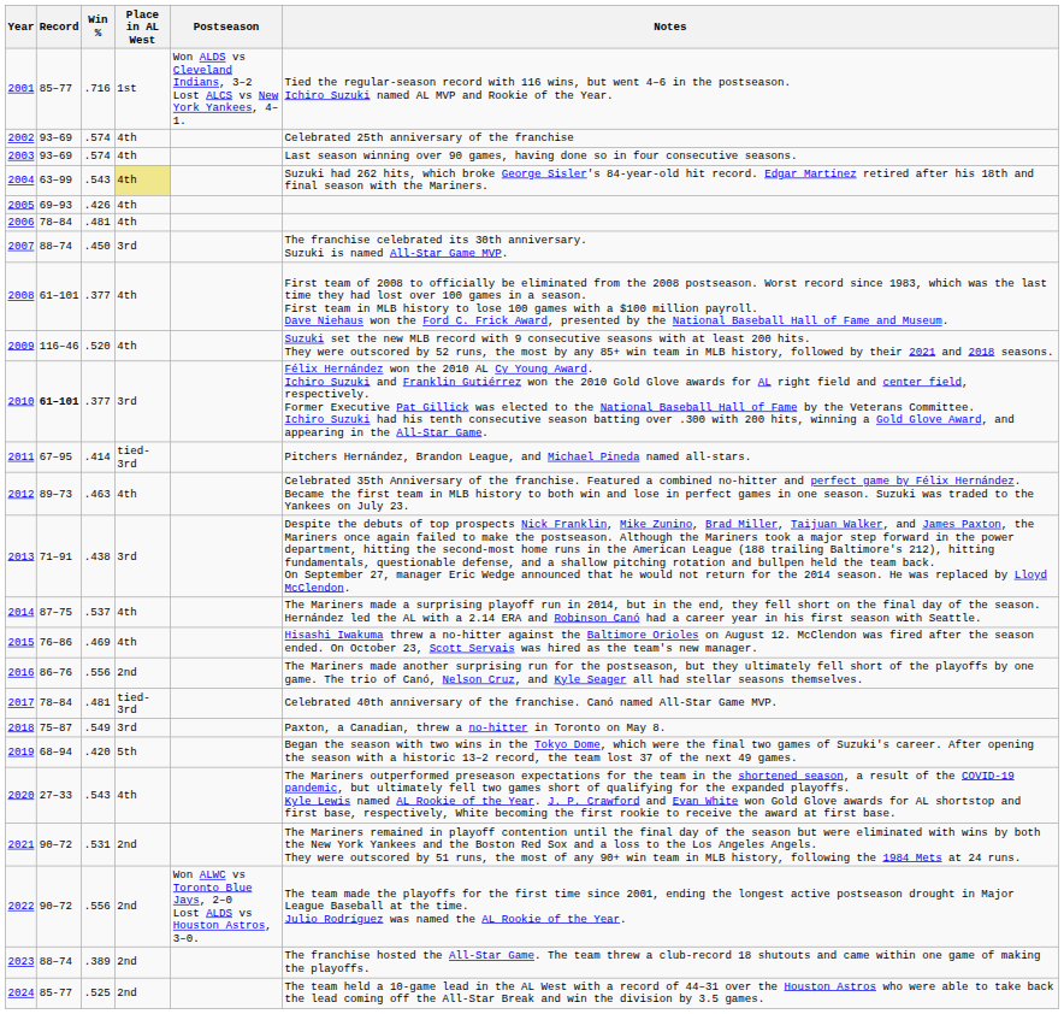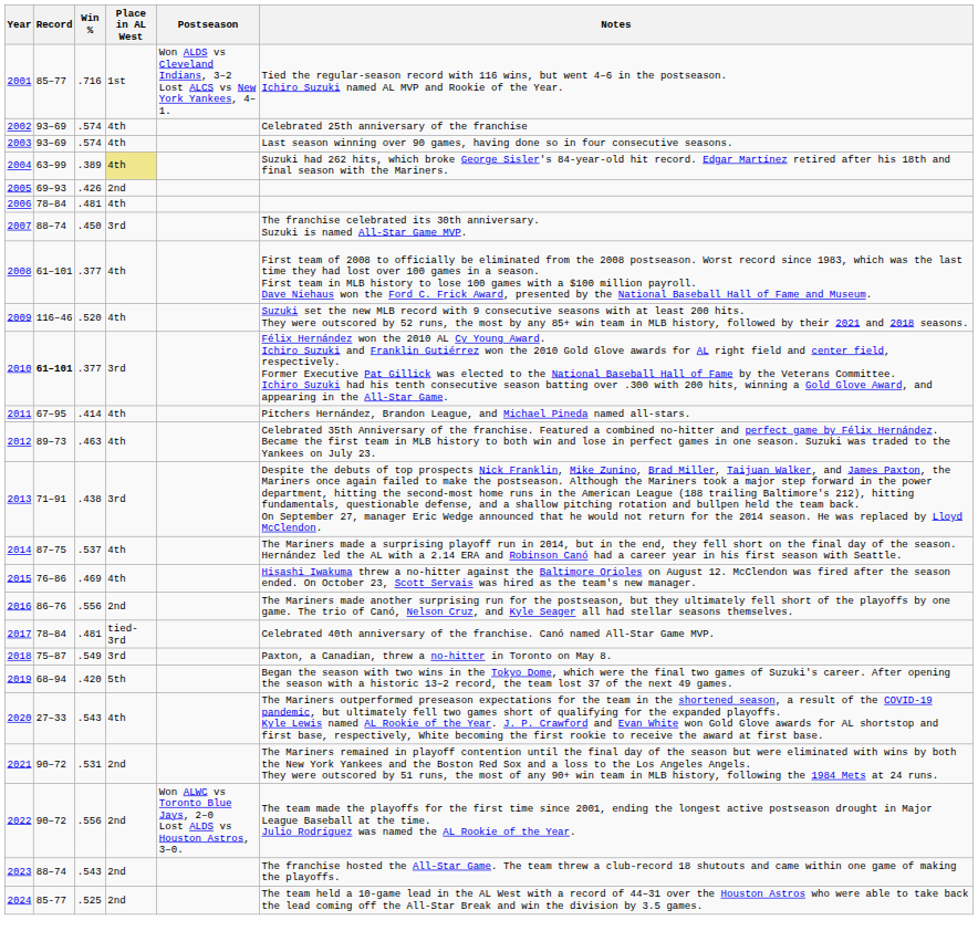 <table class="wikitable">
 <tr>
 <th style="text-align:center; ">Year</th>
 <th style="text-align:center; ">Record</th>
 <th style="text-align:center; ">Win %</th>
 <th style="text-align:center; ">Place in AL West</th>
 <th style="text-align:center; ">Postseason</th>
 <th style="text-align:center; ">Notes</th>
 </tr>
 <tr>
 <td><a href='#'>2001</a></td>
 <td>85–77</td>
 <td>.716</td>
 <td>1st</td>
 <td>Won <a href='#'>ALDS</a> vs <a href='#'>Cleveland Indians</a>, 3–2<br>Lost <a href='#'>ALCS</a> vs <a href='#'>New York Yankees</a>, 4–1.</td>
 <td>Tied the regular-season record with 116 wins, but went 4–6 in the postseason.<br><a href='#'>Ichiro Suzuki</a> named AL MVP and Rookie of the Year.</td>
 </tr>
 <tr>
 <td><a href='#'>2002</a></td>
 <td>93–69</td>
 <td>.574</td>
 <td>4th</td>
 <td></td>
 <td>Celebrated 25th anniversary of the franchise</td>
 </tr>
 <tr>
 <td><a href='#'>2003</a></td>
 <td>93–69</td>
 <td>.574</td>
 <td>4th</td>
 <td></td>
 <td>Last season winning over 90 games, having done so in four consecutive seasons.</td>
 </tr>
 <tr>
 <td><a href='#'>2004</a></td>
 <td>63–99</td>
-<td>.543</td>
+<td>.389</td>
 <td style="background: khaki;">4th</td>
 <td></td>
 <td>Suzuki had 262 hits, which broke <a href='#'>George Sisler</a>'s 84-year-old hit record. <a href='#'>Edgar Martínez</a> retired after his 18th and final season with the Mariners.</td>
 </tr>
 <tr>
 <td><a href='#'>2005</a></td>
 <td>69–93</td>
 <td>.426</td>
-<td>4th</td>
+<td>2nd</td>
 <td></td>
 <td></td>
 </tr>
 <tr>
 <td><a href='#'>2006</a></td>
 <td>78–84</td>
 <td>.481</td>
 <td>4th</td>
 <td></td>
 <td></td>
 </tr>
 <tr>
 <td><a href='#'>2007</a></td>
 <td>88–74</td>
 <td>.450</td>
 <td>3rd</td>
 <td></td>
 <td>The franchise celebrated its 30th anniversary.<br>Suzuki is named <a href='#'>All-Star Game MVP</a>.</td>
 </tr>
 <tr>
 <td><a href='#'>2008</a></td>
 <td>61–101</td>
 <td>.377</td>
 <td>4th</td>
 <td></td>
 <td><br>First team of 2008 to officially be eliminated from the 2008 postseason. Worst record since 1983, which was the last time they had lost over 100 games in a season.<br>First team in MLB history to lose 100 games with a $100 million payroll.<br><a href='#'>Dave Niehaus</a> won the <a href='#'>Ford C. Frick Award</a>, presented by the <a href='#'>National Baseball Hall of Fame and Museum</a>.</td>
 </tr>
 <tr>
 <td><a href='#'>2009</a></td>
 <td>116–46</td>
 <td>.520</td>
 <td>4th</td>
 <td></td>
 <td><a href='#'>Suzuki</a> set the new MLB record with 9 consecutive seasons with at least 200 hits.<br>They were outscored by 52 runs, the most by any 85+ win team in MLB history, followed by their <a href='#'>2021</a> and <a href='#'>2018</a> seasons.</td>
 </tr>
 <tr>
 <td><a href='#'>2010</a></td>
 <td><strong>61–101</strong></td>
 <td>.377</td>
 <td>3rd</td>
 <td></td>
 <td><a href='#'>Félix Hernández</a> won the 2010 AL <a href='#'>Cy Young Award</a>.<br><a href='#'>Ichiro Suzuki</a> and <a href='#'>Franklin Gutiérrez</a> won the 2010 Gold Glove awards for <a href='#'>AL</a> right field and <a href='#'>center field</a>, respectively.<br>Former Executive <a href='#'>Pat Gillick</a> was elected to the <a href='#'>National Baseball Hall of Fame</a> by the Veterans Committee.<br><a href='#'>Ichiro Suzuki</a> had his tenth consecutive season batting over .300 with 200 hits, winning a <a href='#'>Gold Glove Award</a>, and appearing in the <a href='#'>All-Star Game</a>.</td>
 </tr>
 <tr>
 <td><a href='#'>2011</a></td>
 <td>67–95</td>
 <td>.414</td>
-<td>tied-3rd</td>
+<td>4th</td>
 <td></td>
 <td>Pitchers Hernández, Brandon League, and <a href='#'>Michael Pineda</a> named all-stars.</td>
 </tr>
 <tr>
 <td><a href='#'>2012</a></td>
 <td>89–73</td>
 <td>.463</td>
 <td>4th</td>
 <td></td>
 <td>Celebrated 35th Anniversary of the franchise. Featured a combined no-hitter and <a href='#'>perfect game by Félix Hernández</a>. Became the first team in MLB history to both win and lose in perfect games in one season. Suzuki was traded to the Yankees on July 23.</td>
 </tr>
 <tr>
 <td><a href='#'>2013</a></td>
 <td>71–91</td>
 <td>.438</td>
 <td>3rd</td>
 <td></td>
 <td>Despite the debuts of top prospects <a href='#'>Nick Franklin</a>, <a href='#'>Mike Zunino</a>, <a href='#'>Brad Miller</a>, <a href='#'>Taijuan Walker</a>, and <a href='#'>James Paxton</a>, the Mariners once again failed to make the postseason. Although the Mariners took a major step forward in the power department, hitting the second-most home runs in the American League (188 trailing Baltimore's 212), hitting fundamentals, questionable defense, and a shallow pitching rotation and bullpen held the team back.<br>On September 27, manager Eric Wedge announced that he would not return for the 2014 season. He was replaced by <a href='#'>Lloyd McClendon</a>.</td>
 </tr>
 <tr>
 <td><a href='#'>2014</a></td>
 <td>87–75</td>
 <td>.537</td>
 <td>4th</td>
 <td></td>
 <td>The Mariners made a surprising playoff run in 2014, but in the end, they fell short on the final day of the season. Hernández led the AL with a 2.14 ERA and <a href='#'>Robinson Canó</a> had a career year in his first season with Seattle.</td>
 </tr>
 <tr>
 <td><a href='#'>2015</a></td>
 <td>76–86</td>
 <td>.469</td>
 <td>4th</td>
 <td></td>
 <td><a href='#'>Hisashi Iwakuma</a> threw a no-hitter against the <a href='#'>Baltimore Orioles</a> on August 12. McClendon was fired after the season ended. On October 23, <a href='#'>Scott Servais</a> was hired as the team's new manager.</td>
 </tr>
 <tr>
 <td><a href='#'>2016</a></td>
 <td>86–76</td>
 <td>.556</td>
 <td>2nd</td>
 <td></td>
 <td>The Mariners made another surprising run for the postseason, but they ultimately fell short of the playoffs by one game. The trio of Canó, <a href='#'>Nelson Cruz</a>, and <a href='#'>Kyle Seager</a> all had stellar seasons themselves.</td>
 </tr>
 <tr>
 <td><a href='#'>2017</a></td>
 <td>78–84</td>
 <td>.481</td>
 <td>tied-3rd</td>
 <td></td>
 <td>Celebrated 40th anniversary of the franchise. Canó named All-Star Game MVP.</td>
 </tr>
 <tr>
 <td><a href='#'>2018</a></td>
 <td>75–87</td>
 <td>.549</td>
 <td>3rd</td>
 <td></td>
 <td>Paxton, a Canadian, threw a <a href='#'>no-hitter</a> in Toronto on May 8.</td>
 </tr>
 <tr>
 <td><a href='#'>2019</a></td>
 <td>68–94</td>
 <td>.420</td>
 <td>5th</td>
 <td></td>
 <td>Began the season with two wins in the <a href='#'>Tokyo Dome</a>, which were the final two games of Suzuki's career. After opening the season with a historic 13–2 record, the team lost 37 of the next 49 games.</td>
 </tr>
 <tr>
 <td><a href='#'>2020</a></td>
 <td>27–33</td>
 <td>.543</td>
 <td>4th</td>
 <td></td>
 <td>The Mariners outperformed preseason expectations for the team in the <a href='#'>shortened season</a>, a result of the <a href='#'>COVID-19 pandemic</a>, but ultimately fell two games short of qualifying for the expanded playoffs.<br><a href='#'>Kyle Lewis</a> named <a href='#'>AL Rookie of the Year</a>. <a href='#'>J. P. Crawford</a> and <a href='#'>Evan White</a> won Gold Glove awards for AL shortstop and first base, respectively, White becoming the first rookie to receive the award at first base.</td>
 </tr>
 <tr>
 <td><a href='#'>2021</a></td>
 <td>90–72</td>
 <td>.531</td>
 <td>2nd</td>
 <td></td>
 <td>The Mariners remained in playoff contention until the final day of the season but were eliminated with wins by both the New York Yankees and the Boston Red Sox and a loss to the Los Angeles Angels.<br>They were outscored by 51 runs, the most of any 90+ win team in MLB history, following the <a href='#'> 1984 Mets</a> at 24 runs.</td>
 </tr>
 <tr>
 <td><a href='#'>2022</a></td>
 <td>90–72</td>
 <td>.556</td>
 <td>2nd</td>
 <td>Won <a href='#'>ALWC</a> vs <a href='#'>Toronto Blue Jays</a>, 2–0<br>Lost <a href='#'>ALDS</a> vs <a href='#'>Houston Astros</a>, 3–0.</td>
 <td>The team made the playoffs for the first time since 2001, ending the longest active postseason drought in Major League Baseball at the time.<br><a href='#'>Julio Rodríguez</a> was named the <a href='#'>AL Rookie of the Year</a>.</td>
 </tr>
 <tr>
 <td><a href='#'>2023</a></td>
 <td>88–74</td>
-<td>.389</td>
+<td>.543</td>
 <td>2nd</td>
 <td></td>
 <td>The franchise hosted the <a href='#'>All-Star Game</a>. The team threw a club-record 18 shutouts and came within one game of making the playoffs.</td>
 </tr>
 <tr>
 <td><a href='#'>2024</a></td>
 <td>85-77</td>
 <td>.525</td>
 <td>2nd</td>
 <td></td>
 <td>The team held a 10-game lead in the AL West with a record of 44–31 over the <a href='#'>Houston Astros</a> who were able to take back the lead coming off the All-Star Break and win the division by 3.5 games.</td>
 </tr>
 </table>
